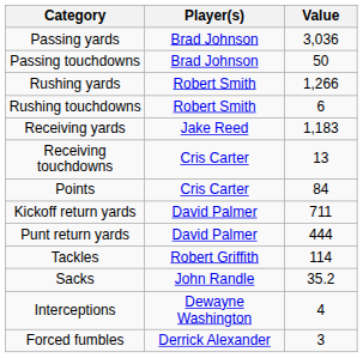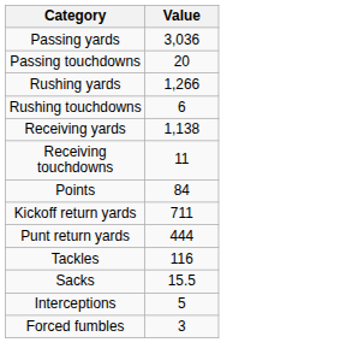 <table class="wikitable" style="text-align:center">
 <tr>
 <th width=150px>Category</th>
-<th width=150px>Player(s)</th>
 <th width=75px>Value</th>
 </tr>
 <tr>
 <td>Passing yards</td>
-<td><a href='#'>Brad Johnson</a></td>
 <td>3,036</td>
 </tr>
 <tr>
 <td>Passing touchdowns</td>
-<td><a href='#'>Brad Johnson</a></td>
-<td>50</td>
+<td>20</td>
 </tr>
 <tr>
 <td>Rushing yards</td>
-<td><a href='#'>Robert Smith</a></td>
 <td>1,266</td>
 </tr>
 <tr>
 <td>Rushing touchdowns</td>
-<td><a href='#'>Robert Smith</a></td>
 <td>6</td>
 </tr>
 <tr>
 <td>Receiving yards</td>
-<td><a href='#'>Jake Reed</a></td>
-<td>1,183</td>
+<td>1,138</td>
 </tr>
 <tr>
 <td>Receiving touchdowns</td>
-<td><a href='#'>Cris Carter</a></td>
-<td>13</td>
+<td>11</td>
 </tr>
 <tr>
 <td>Points</td>
-<td><a href='#'>Cris Carter</a></td>
 <td>84</td>
 </tr>
 <tr>
 <td>Kickoff return yards</td>
-<td><a href='#'>David Palmer</a></td>
 <td>711</td>
 </tr>
 <tr>
 <td>Punt return yards</td>
-<td><a href='#'>David Palmer</a></td>
 <td>444</td>
 </tr>
 <tr>
 <td>Tackles</td>
-<td><a href='#'>Robert Griffith</a></td>
-<td>114</td>
+<td>116</td>
 </tr>
 <tr>
 <td>Sacks</td>
-<td><a href='#'>John Randle</a></td>
-<td>35.2</td>
+<td>15.5</td>
 </tr>
 <tr>
 <td>Interceptions</td>
-<td><a href='#'>Dewayne Washington</a></td>
-<td>4</td>
+<td>5</td>
 </tr>
 <tr>
 <td>Forced fumbles</td>
-<td><a href='#'>Derrick Alexander</a></td>
 <td>3</td>
 </tr>
 </table>
